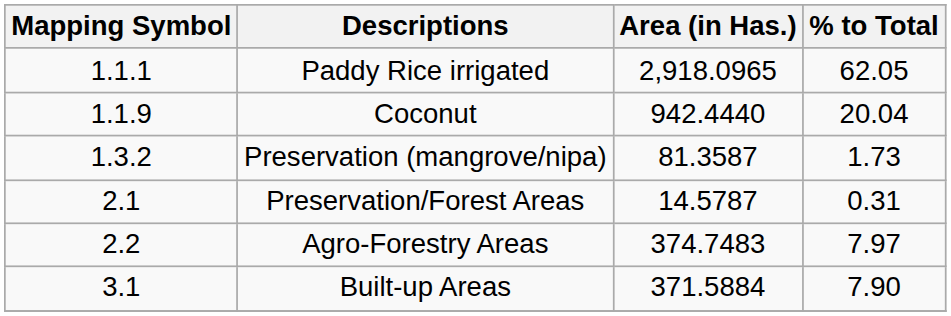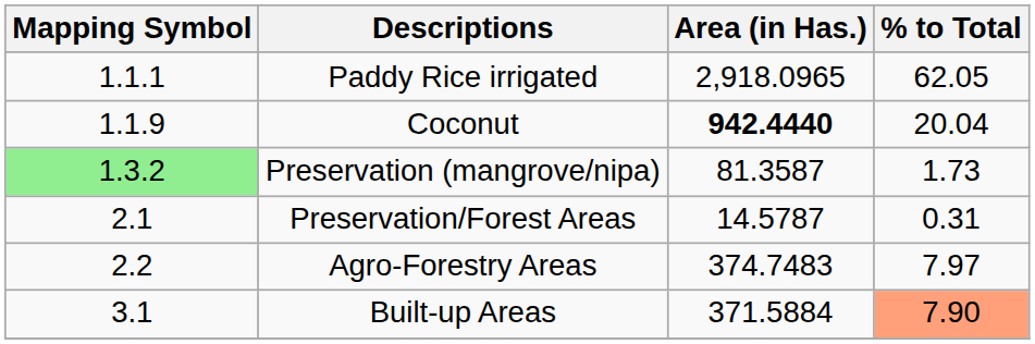 <table class="wikitable" style="text-align:center">
 <tr>
 <th>Mapping Symbol</th>
 <th>Descriptions</th>
 <th>Area (in Has.)</th>
 <th>% to Total</th>
 </tr>
 <tr>
 <td>1.1.1</td>
 <td>Paddy Rice irrigated</td>
 <td>2,918.0965</td>
 <td>62.05</td>
 </tr>
 <tr>
 <td>1.1.9</td>
 <td>Coconut</td>
-<td>942.4440</td>
+<td><strong>942.4440</strong></td>
 <td>20.04</td>
 </tr>
 <tr>
-<td>1.3.2</td>
+<td style="background: lightgreen;">1.3.2</td>
 <td>Preservation (mangrove/nipa)</td>
 <td>81.3587</td>
 <td>1.73</td>
 </tr>
 <tr>
 <td>2.1</td>
 <td>Preservation/Forest Areas</td>
 <td>14.5787</td>
 <td>0.31</td>
 </tr>
 <tr>
 <td>2.2</td>
 <td>Agro-Forestry Areas</td>
 <td>374.7483</td>
 <td>7.97</td>
 </tr>
 <tr>
 <td>3.1</td>
 <td>Built-up Areas</td>
 <td>371.5884</td>
-<td>7.90</td>
+<td style="background: lightsalmon;">7.90</td>
 </tr>
 <tr>
 </tr>
 </table>
